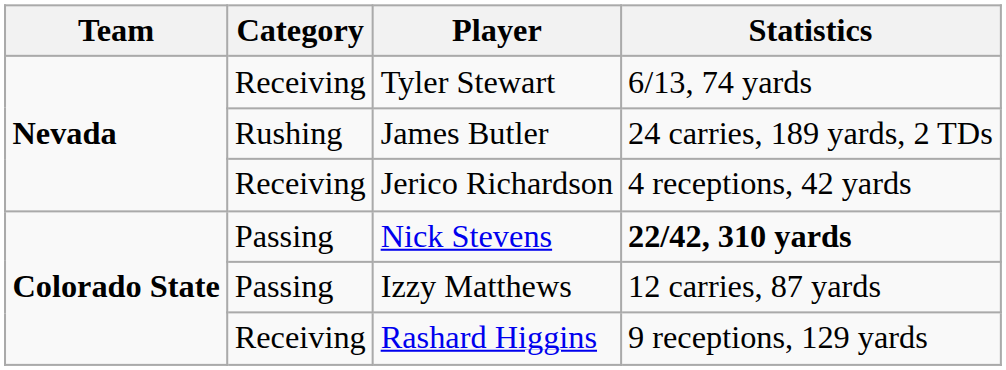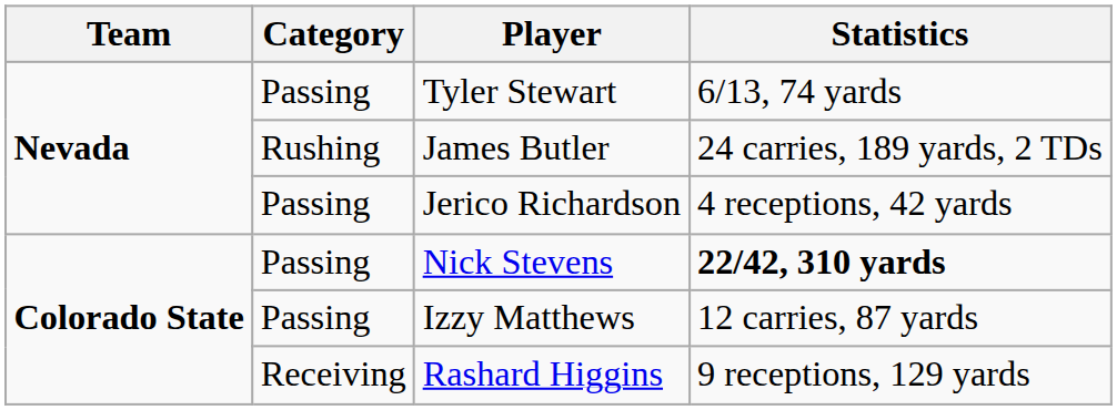 <table class="wikitable" style="float: left;">
 <tr>
 <th>Team</th>
 <th>Category</th>
 <th>Player</th>
 <th>Statistics</th>
 </tr>
 <tr>
 <td rowspan=3><strong>Nevada</strong></td>
-<td>Receiving</td>
+<td>Passing</td>
 <td>Tyler Stewart</td>
 <td>6/13, 74 yards</td>
 </tr>
 <tr>
 <td>Rushing</td>
 <td>James Butler</td>
 <td>24 carries, 189 yards, 2 TDs</td>
 </tr>
 <tr>
-<td>Receiving</td>
+<td>Passing</td>
 <td>Jerico Richardson</td>
 <td>4 receptions, 42 yards</td>
 </tr>
 <tr>
 <td rowspan=3><strong>Colorado State</strong></td>
 <td>Passing</td>
 <td><a href='#'>Nick Stevens</a></td>
 <td><strong>22/42, 310 yards</strong></td>
 </tr>
 <tr>
 <td>Passing</td>
 <td>Izzy Matthews</td>
 <td>12 carries, 87 yards</td>
 </tr>
 <tr>
 <td>Receiving</td>
 <td><a href='#'>Rashard Higgins</a></td>
 <td>9 receptions, 129 yards</td>
 </tr>
 </table>
